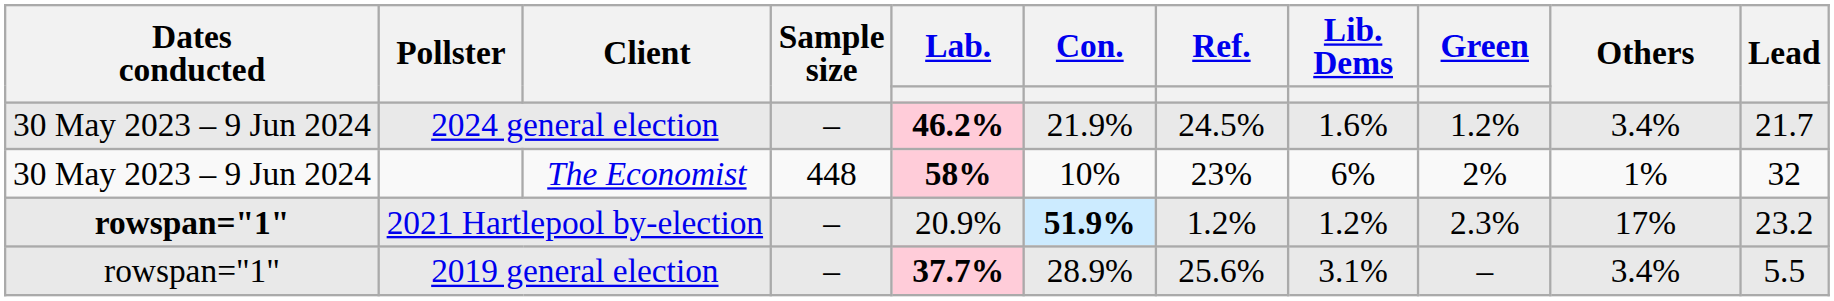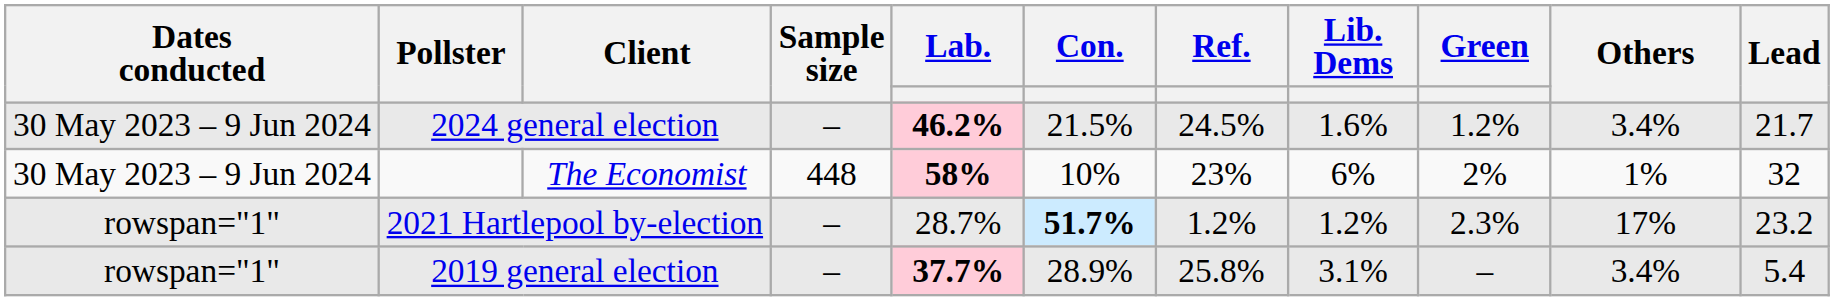 <table class="wikitable sortable mw-datatable" style="text-align:center; font-size:90%; line-height:14px;">
 <tr>
 <th rowspan="2">Dates <br>conducted</th>
 <th rowspan="2">Pollster</th>
 <th rowspan="2">Client</th>
 <th rowspan="2" data-sort-type="number">Sample <br>size</th>
 <th class="unsortable" style="width:50px;"><a href='#'>Lab.</a></th>
 <th class="unsortable" style="width:50px;"><a href='#'>Con.</a></th>
 <th class="unsortable" style="width:50px;"><a href='#'>Ref.</a></th>
 <th class="unsortable" style="width:50px;"><a href='#'>Lib. Dems</a></th>
 <th class="unsortable" style="width:50px;"><a href='#'>Green</a></th>
 <th rowspan="2" class="unsortable" style="width:75px;">Others</th>
 <th rowspan="2" data-sort-type="number">Lead</th>
 </tr>
 <tr>
 <th data-sort-type="number" style="background:"></th>
 <th data-sort-type="number" style="background:"></th>
 <th data-sort-type="number" style="background:"></th>
 <th data-sort-type="number" style="background:"></th>
 <th data-sort-type="number" style="background:"></th>
 </tr>
 <tr style="background:#e9e9e9;">
 <td>30 May 2023 – 9 Jun 2024</td>
 <td colspan="2" rowspan="1"><a href='#'>2024 general election</a></td>
 <td>–</td>
 <td style="background:#FFCCD9;"><strong>46.2%</strong></td>
-<td>21.9%</td>
+<td>21.5%</td>
 <td>24.5%</td>
 <td>1.6%</td>
 <td>1.2%</td>
 <td>3.4%</td>
 <td style="background:">21.7</td>
 </tr>
 <tr>
 <td>30 May 2023 – 9 Jun 2024</td>
 <td></td>
 <td><em><a href='#'>The Economist</a></em></td>
 <td>448</td>
 <td style="background:#FFCCD9;"><strong>58%</strong></td>
 <td>10%</td>
 <td>23%</td>
 <td>6%</td>
 <td>2%</td>
 <td>1%</td>
 <td style="background:">32</td>
 </tr>
 <tr style="background:#e9e9e9;">
-<td><strong>rowspan="1" </strong></td>
+<td>rowspan="1" </td>
 <td colspan="2" rowspan="1"><a href='#'>2021 Hartlepool by-election</a></td>
 <td>–</td>
-<td>20.9%</td>
-<td style="background:#CCEBFF;"><strong>51.9%</strong></td>
+<td>28.7%</td>
+<td style="background:#CCEBFF;"><strong>51.7%</strong></td>
 <td>1.2%</td>
 <td>1.2%</td>
 <td>2.3%</td>
 <td>17%</td>
 <td style="background:">23.2</td>
 </tr>
 <tr style="background:#e9e9e9;">
 <td>rowspan="1" </td>
 <td colspan="2" rowspan="1"><a href='#'>2019 general election</a></td>
 <td>–</td>
 <td style="background:#FFCCD9;"><strong>37.7%</strong></td>
 <td>28.9%</td>
-<td>25.6%</td>
+<td>25.8%</td>
 <td>3.1%</td>
 <td>–</td>
 <td>3.4%</td>
-<td style="background:">5.5</td>
+<td style="background:">5.4</td>
 </tr>
 </table>
